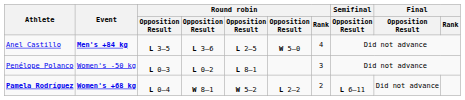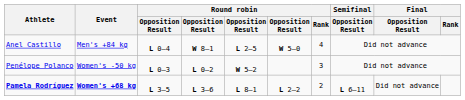 <table class=wikitable style=font-size:90%;text-align:center>
 <tr>
 <th rowspan=2>Athlete</th>
 <th rowspan=2>Event</th>
 <th colspan=5>Round robin</th>
 <th>Semifinal</th>
 <th colspan=2>Final</th>
 </tr>
 <tr style=font-size:95%>
 <th>Opposition<br>Result</th>
 <th>Opposition<br>Result</th>
 <th>Opposition<br>Result</th>
 <th>Opposition<br>Result</th>
 <th>Rank</th>
 <th>Opposition<br>Result</th>
 <th>Opposition<br>Result</th>
 <th>Rank</th>
 </tr>
 <tr>
 <td align=left><a href='#'>Anel Castillo</a></td>
-<td align=left><strong><a href='#'>Men's +84 kg</a></strong></td>
-<td><br><strong>L</strong> 3–5</td>
-<td><br><strong>L</strong> 3–6</td>
+<td align=left><a href='#'>Men's +84 kg</a></td>
+<td><br><strong>L</strong> 0–4</td>
+<td><br><strong>W</strong> 8–1</td>
 <td><br><strong>L</strong> 2–5</td>
 <td><br><strong>W</strong> 5–0</td>
 <td>4</td>
 <td colspan=3>Did not advance</td>
 </tr>
 <tr>
 <td align=left><a href='#'>Penélope Polanco</a></td>
 <td align=left><a href='#'>Women's -50 kg</a></td>
 <td><br><strong>L</strong> 0–3</td>
 <td><br><strong>L</strong> 0–2</td>
-<td><br><strong>L</strong> 8–1</td>
+<td><br><strong>W</strong> 5–2</td>
 <td></td>
 <td>3</td>
 <td colspan=3>Did not advance</td>
 </tr>
 <tr>
 <td align=left><strong><a href='#'>Pamela Rodríguez</a></strong></td>
 <td align=left><strong><a href='#'>Women's +68 kg</a></strong></td>
-<td><br><strong>L</strong> 0–4</td>
-<td><br><strong>W</strong> 8–1</td>
-<td><br><strong>W</strong> 5–2</td>
+<td><br><strong>L</strong> 3–5</td>
+<td><br><strong>L</strong> 3–6</td>
+<td><br><strong>L</strong> 8–1</td>
 <td><br><strong>L</strong> 2–2</td>
 <td>2</td>
 <td><br><strong>L</strong> 6–11</td>
 <td>Did not advance</td>
 <td></td>
 </tr>
 </table>
